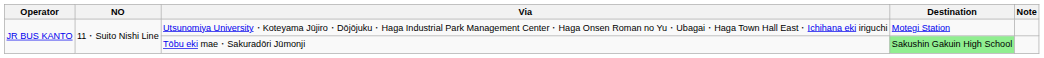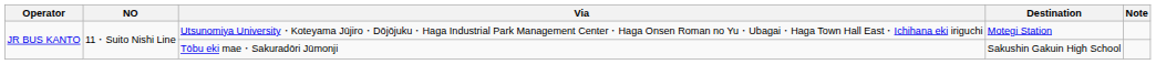 <table class="wikitable" style="font-size:small">
 <tr>
 <th>Operator</th>
 <th>NO</th>
 <th>Via</th>
 <th>Destination</th>
 <th>Note</th>
 </tr>
 <tr>
 <td rowspan="2"><a href='#'>JR BUS KANTO</a></td>
 <td rowspan="2">11・Suito Nishi Line</td>
 <td><a href='#'>Utsunomiya University</a>・Koteyama Jūjiro・Dōjōjuku・Haga Industrial Park Management Center・Haga Onsen Roman no Yu・Ubagai・Haga Town Hall East・<a href='#'>Ichihana eki</a> iriguchi</td>
 <td><a href='#'>Motegi Station</a></td>
 <td></td>
 </tr>
 <tr>
 <td><a href='#'>Tōbu eki</a> mae・Sakuradōri Jūmonji</td>
-<td style="background: lightgreen;">Sakushin Gakuin High School</td>
+<td>Sakushin Gakuin High School</td>
 <td></td>
 </tr>
 </table>
